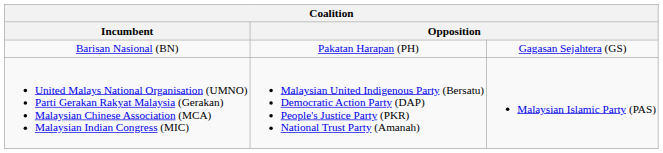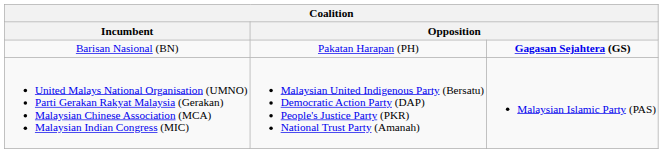 <table class="wikitable">
 <tr>
 <th colspan="3">Coalition</th>
 </tr>
 <tr>
 <th>Incumbent</th>
 <th colspan="2">Opposition</th>
 </tr>
 <tr>
 <td align="center"><a href='#'>Barisan Nasional</a> (BN)</td>
 <td align="center"> <a href='#'>Pakatan Harapan</a> (PH)</td>
-<td align="center"> <a href='#'>Gagasan Sejahtera</a> (GS)</td>
+<td align="center"><strong> <a href='#'>Gagasan Sejahtera</a> (GS)</strong></td>
 </tr>
 <tr>
 <td><br><ul><li> <a href='#'>United Malays National Organisation</a> (UMNO)</li><li> <a href='#'>Parti Gerakan Rakyat Malaysia</a> (Gerakan)</li><li> <a href='#'>Malaysian Chinese Association</a> (MCA)</li><li> <a href='#'>Malaysian Indian Congress</a> (MIC)</li></ul></td>
 <td><br><ul><li> <a href='#'>Malaysian United Indigenous Party</a> (Bersatu)</li><li> <a href='#'>Democratic Action Party</a> (DAP)</li><li> <a href='#'>People's Justice Party</a> (PKR)</li><li> <a href='#'>National Trust Party</a> (Amanah)</li></ul></td>
 <td><br><ul><li> <a href='#'>Malaysian Islamic Party</a> (PAS)</li></ul></td>
 </tr>
 </table>
